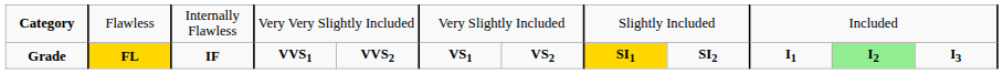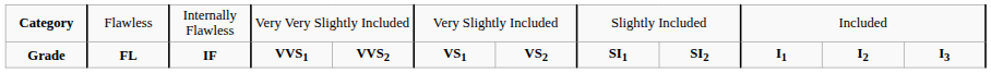 <table class="wikitable"  style="margin:auto; width:90%; table-layout:fixed; text-align:center;">
 <tr>
 <td style="border-right: 2px solid black"><strong>Category</strong></td>
 <td style="border-right: 2px solid black">Flawless</td>
 <td style="border-right: 2px solid black">Internally Flawless</td>
 <td colspan="2" style="border-right: 2px solid black">Very Very Slightly Included</td>
 <td colspan="2" style="border-right: 2px solid black">Very Slightly Included</td>
 <td colspan="2" style="border-right: 2px solid black">Slightly Included</td>
 <td colspan="3" style="border-right: 2px solid black">Included</td>
 </tr>
 <tr>
 <td style="border-right: 2px solid black"><strong>Grade</strong></td>
-<td style="background: gold; border-right: 2px solid black"><strong>FL</strong></td>
+<td style="border-right: 2px solid black"><strong>FL</strong></td>
 <td style="border-right: 2px solid black"><strong>IF</strong></td>
 <td><strong>VVS<sub>1</sub></strong></td>
 <td style="border-right: 2px solid black"><strong>VVS<sub>2</sub></strong></td>
 <td><strong>VS<sub>1</sub></strong></td>
 <td style="border-right: 2px solid black"><strong>VS<sub>2</sub></strong></td>
-<td style="background: gold;"><strong>SI<sub>1</sub></strong></td>
+<td><strong>SI<sub>1</sub></strong></td>
 <td style="border-right: 2px solid black"><strong>SI<sub>2</sub></strong></td>
 <td><strong>I<sub>1</sub></strong></td>
-<td style="background: lightgreen;"><strong>I<sub>2</sub></strong></td>
+<td><strong>I<sub>2</sub></strong></td>
 <td style="border-right: 2px solid black"><strong>I<sub>3</sub></strong></td>
 </tr>
 </table>
